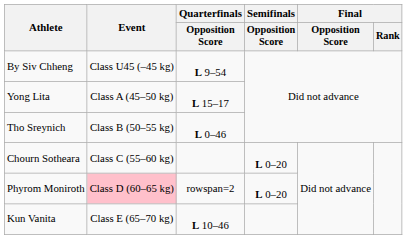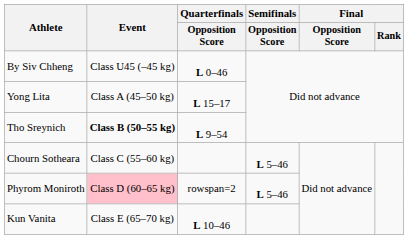 <table class="wikitable" style="font-size:90%">
 <tr>
 <th rowspan=2>Athlete</th>
 <th rowspan=2>Event</th>
 <th>Quarterfinals</th>
 <th>Semifinals</th>
 <th colspan=2>Final</th>
 </tr>
 <tr style="font-size:95%">
 <th>Opposition<br>Score</th>
 <th>Opposition<br>Score</th>
 <th>Opposition<br>Score</th>
 <th>Rank</th>
 </tr>
 <tr align=center>
 <td align=left>By Siv Chheng</td>
 <td align=center>Class U45 (–45 kg)</td>
-<td><br><strong>L</strong> 9–54</td>
+<td><br><strong>L</strong> 0–46</td>
 <td rowspan=3 colspan=3>Did not advance</td>
 </tr>
 <tr align=center>
 <td align=left>Yong Lita</td>
 <td align=center>Class A (45–50 kg)</td>
 <td><br><strong>L</strong> 15–17</td>
 </tr>
 <tr align=center>
 <td align=left>Tho Sreynich</td>
-<td align=center>Class B (50–55 kg)</td>
-<td><br><strong>L</strong> 0–46</td>
+<td align=center><strong>Class B (50–55 kg)</strong></td>
+<td><br><strong>L</strong> 9–54</td>
 </tr>
 <tr align=center>
 <td align=left>Chourn Sotheara</td>
 <td align=center>Class C (55–60 kg)</td>
 <td></td>
-<td><br><strong>L</strong> 0–20</td>
+<td><br><strong>L</strong> 5–46</td>
 <td rowspan=3>Did not advance</td>
 <td Rowspan=3></td>
 </tr>
 <tr align=center>
 <td align=left>Phyrom Moniroth</td>
 <td align=center style="background: pink;">Class D (60–65 kg)</td>
 <td>rowspan=2 </td>
-<td><br><strong>L</strong> 0–20</td>
+<td><br><strong>L</strong> 5–46</td>
 </tr>
 <tr align=center>
 <td align=left>Kun Vanita</td>
 <td align=center>Class E (65–70 kg)</td>
 <td><br><strong>L</strong> 10–46</td>
 </tr>
 </table>
